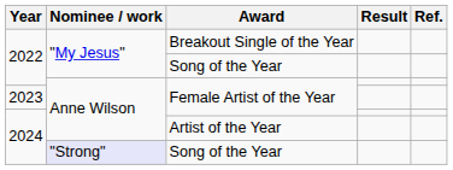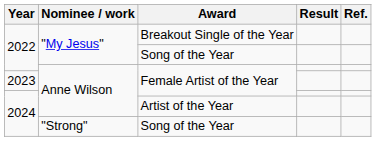 <table class="wikitable">
 <tr>
 <th>Year</th>
 <th>Nominee / work</th>
 <th>Award</th>
 <th>Result</th>
 <th>Ref.</th>
 </tr>
 <tr>
 <td rowspan="3">2022</td>
 <td rowspan="2">"<a href='#'>My Jesus</a>"</td>
 <td>Breakout Single of the Year</td>
 <td></td>
 <td></td>
 </tr>
 <tr>
 <td>Song of the Year</td>
 <td></td>
 <td></td>
 </tr>
 <tr>
 <td rowspan="4">Anne Wilson</td>
 <td rowspan="3">Female Artist of the Year</td>
 <td></td>
 <td></td>
 </tr>
 <tr>
 <td>2023</td>
 <td></td>
 <td></td>
 </tr>
 <tr>
 <td rowspan="3">2024</td>
 <td></td>
 <td></td>
 </tr>
 <tr>
 <td>Artist of the Year</td>
 <td></td>
 <td></td>
 </tr>
 <tr>
-<td style="background: lavender;">"Strong"</td>
+<td>"Strong"</td>
 <td>Song of the Year</td>
 <td></td>
 <td></td>
 </tr>
 </table>
